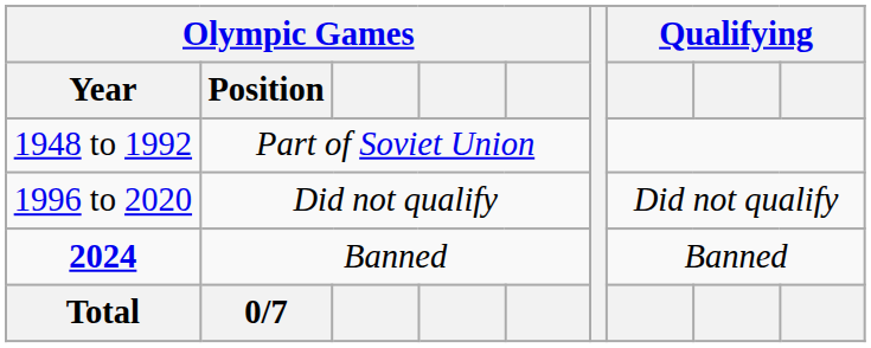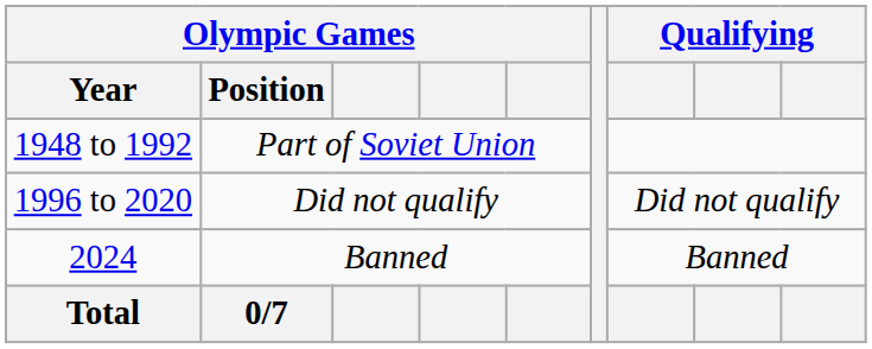 <table class="wikitable" style="text-align: center;font-size:90%;">
 <tr>
 <th colspan=5><a href='#'>Olympic Games</a></th>
 <th rowspan=7></th>
 <th colspan=3><a href='#'>Qualifying</a></th>
 </tr>
 <tr>
 <th>Year</th>
 <th>Position</th>
 <th width=30></th>
 <th width=30></th>
 <th width=30></th>
 <th width=30></th>
 <th width=30></th>
 <th width=30></th>
 </tr>
 <tr>
 <td><a href='#'>1948</a> to <a href='#'>1992</a></td>
 <td colspan=4 rowspan=1><em>Part of <a href='#'>Soviet Union</a></em></td>
 </tr>
 <tr>
 <td><a href='#'>1996</a> to <a href='#'>2020</a></td>
 <td colspan=4><em>Did not qualify</em></td>
 <td colspan=3><em>Did not qualify</em></td>
 </tr>
 <tr>
-<td><strong> <a href='#'>2024</a></strong></td>
+<td> <a href='#'>2024</a></td>
 <td colspan=4><em>Banned</em></td>
 <td colspan=3><em>Banned</em></td>
 </tr>
 <tr>
 <th>Total</th>
 <th>0/7</th>
 <th></th>
 <th></th>
 <th></th>
 <th></th>
 <th></th>
 <th></th>
 </tr>
 </table>
